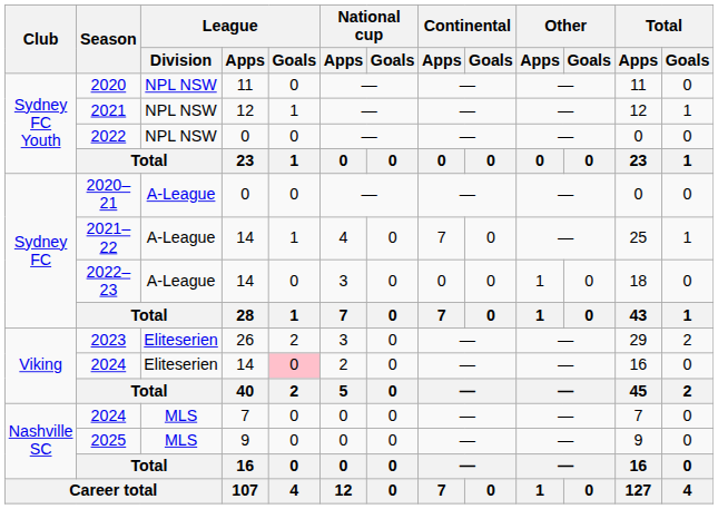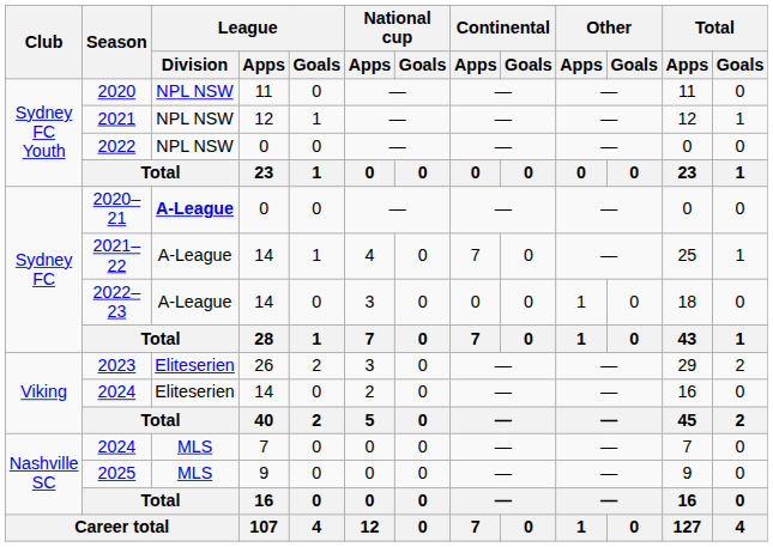 <table class="wikitable" style="text-align:center">
 <tr>
 <th rowspan="2">Club</th>
 <th rowspan="2">Season</th>
 <th colspan="3">League</th>
 <th colspan="2">National cup</th>
 <th colspan="2">Continental</th>
 <th colspan="2">Other</th>
 <th colspan="2">Total</th>
 </tr>
 <tr>
 <th>Division</th>
 <th>Apps</th>
 <th>Goals</th>
 <th>Apps</th>
 <th>Goals</th>
 <th>Apps</th>
 <th>Goals</th>
 <th>Apps</th>
 <th>Goals</th>
 <th>Apps</th>
 <th>Goals</th>
 </tr>
 <tr>
 <td rowspan="4"><a href='#'>Sydney FC Youth</a></td>
 <td><a href='#'>2020</a></td>
 <td><a href='#'>NPL NSW</a></td>
 <td>11</td>
 <td>0</td>
 <td colspan="2">—</td>
 <td colspan="2">—</td>
 <td colspan="2">—</td>
 <td>11</td>
 <td>0</td>
 </tr>
 <tr>
 <td><a href='#'>2021</a></td>
 <td>NPL NSW</td>
 <td>12</td>
 <td>1</td>
 <td colspan="2">—</td>
 <td colspan="2">—</td>
 <td colspan="2">—</td>
 <td>12</td>
 <td>1</td>
 </tr>
 <tr>
 <td><a href='#'>2022</a></td>
 <td>NPL NSW</td>
 <td>0</td>
 <td>0</td>
 <td colspan="2">—</td>
 <td colspan="2">—</td>
 <td colspan="2">—</td>
 <td>0</td>
 <td>0</td>
 </tr>
 <tr>
 <th colspan="2">Total</th>
 <th>23</th>
 <th>1</th>
 <th>0</th>
 <th>0</th>
 <th>0</th>
 <th>0</th>
 <th>0</th>
 <th>0</th>
 <th>23</th>
 <th>1</th>
 </tr>
 <tr>
 <td rowspan="4"><a href='#'>Sydney FC</a></td>
 <td><a href='#'>2020–21</a></td>
-<td><a href='#'>A-League</a></td>
+<td><strong><a href='#'>A-League</a></strong></td>
 <td>0</td>
 <td>0</td>
 <td colspan="2">—</td>
 <td colspan="2">—</td>
 <td colspan="2">—</td>
 <td>0</td>
 <td>0</td>
 </tr>
 <tr>
 <td><a href='#'>2021–22</a></td>
 <td>A-League</td>
 <td>14</td>
 <td>1</td>
 <td>4</td>
 <td>0</td>
 <td>7</td>
 <td>0</td>
 <td colspan="2">—</td>
 <td>25</td>
 <td>1</td>
 </tr>
 <tr>
 <td><a href='#'>2022–23</a></td>
 <td>A-League</td>
 <td>14</td>
 <td>0</td>
 <td>3</td>
 <td>0</td>
 <td>0</td>
 <td>0</td>
 <td>1</td>
 <td>0</td>
 <td>18</td>
 <td>0</td>
 </tr>
 <tr>
 <th colspan="2">Total</th>
 <th>28</th>
 <th>1</th>
 <th>7</th>
 <th>0</th>
 <th>7</th>
 <th>0</th>
 <th>1</th>
 <th>0</th>
 <th>43</th>
 <th>1</th>
 </tr>
 <tr>
 <td rowspan="3"><a href='#'>Viking</a></td>
 <td><a href='#'>2023</a></td>
 <td><a href='#'>Eliteserien</a></td>
 <td>26</td>
 <td>2</td>
 <td>3</td>
 <td>0</td>
 <td colspan="2">—</td>
 <td colspan="2">—</td>
 <td>29</td>
 <td>2</td>
 </tr>
 <tr>
 <td><a href='#'>2024</a></td>
 <td>Eliteserien</td>
 <td>14</td>
-<td style="background: pink;">0</td>
+<td>0</td>
 <td>2</td>
 <td>0</td>
 <td colspan="2">—</td>
 <td colspan="2">—</td>
 <td>16</td>
 <td>0</td>
 </tr>
 <tr>
 <th colspan="2">Total</th>
 <th>40</th>
 <th>2</th>
 <th>5</th>
 <th>0</th>
 <th colspan="2">—</th>
 <th colspan="2">—</th>
 <th>45</th>
 <th>2</th>
 </tr>
 <tr>
 <td rowspan="3"><a href='#'>Nashville SC</a></td>
 <td><a href='#'>2024</a></td>
 <td><a href='#'>MLS</a></td>
 <td>7</td>
 <td>0</td>
 <td>0</td>
 <td>0</td>
 <td colspan="2">—</td>
 <td colspan="2">—</td>
 <td>7</td>
 <td>0</td>
 </tr>
 <tr>
 <td><a href='#'>2025</a></td>
 <td><a href='#'>MLS</a></td>
 <td>9</td>
 <td>0</td>
 <td>0</td>
 <td>0</td>
 <td colspan="2">—</td>
 <td colspan="2">—</td>
 <td>9</td>
 <td>0</td>
 </tr>
 <tr>
 <th colspan="2">Total</th>
 <th>16</th>
 <th>0</th>
 <th>0</th>
 <th>0</th>
 <th colspan="2">—</th>
 <th colspan="2">—</th>
 <th>16</th>
 <th>0</th>
 </tr>
 <tr>
 <th colspan="3">Career total</th>
 <th>107</th>
 <th>4</th>
 <th>12</th>
 <th>0</th>
 <th>7</th>
 <th>0</th>
 <th>1</th>
 <th>0</th>
 <th>127</th>
 <th>4</th>
 </tr>
 </table>
